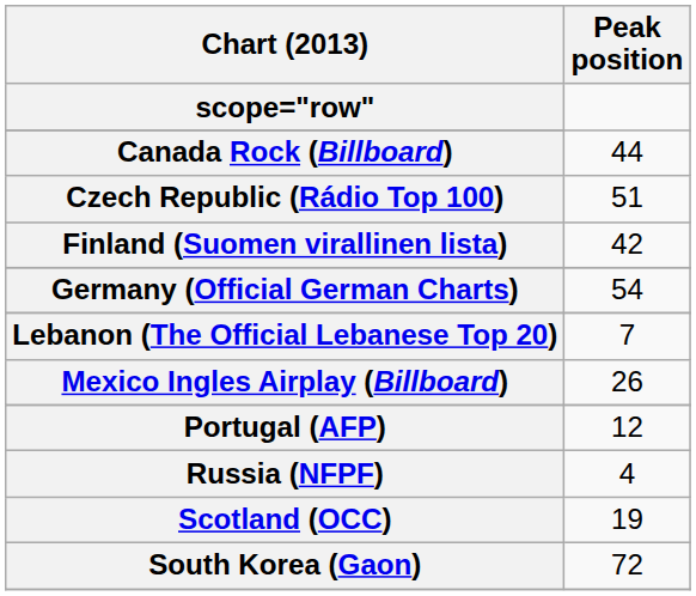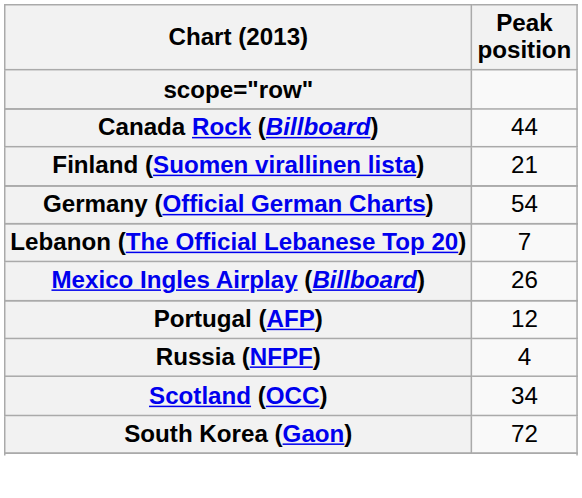 <table class="wikitable sortable plainrowheaders" style="text-align:center">
 <tr>
 <th scope="col">Chart (2013)</th>
 <th scope="col">Peak<br>position</th>
 </tr>
 <tr>
 <th>scope="row" </th>
 </tr>
 <tr>
 </tr>
 <tr>
 </tr>
 <tr>
 </tr>
 <tr>
 <th scope="row">Canada <a href='#'>Rock</a> (<em><a href='#'>Billboard</a></em>)</th>
 <td>44</td>
 </tr>
 <tr>
-<th scope="row">Czech Republic (<a href='#'>Rádio Top 100</a>)</th>
-<td>51</td>
-</tr>
-<tr>
 <th scope="row">Finland (<a href='#'>Suomen virallinen lista</a>)</th>
-<td>42</td>
+<td>21</td>
 </tr>
 <tr>
 </tr>
 <tr>
 <th scope="row">Germany (<a href='#'>Official German Charts</a>)</th>
 <td>54</td>
 </tr>
 <tr>
 </tr>
 <tr>
 <th scope="row">Lebanon (<a href='#'>The Official Lebanese Top 20</a>)</th>
 <td>7</td>
 </tr>
 <tr>
 <th scope="row"><a href='#'>Mexico Ingles Airplay</a> (<em><a href='#'>Billboard</a></em>)</th>
 <td>26</td>
 </tr>
 <tr>
 </tr>
 <tr>
 <th scope="row">Portugal (<a href='#'>AFP</a>)</th>
 <td>12</td>
 </tr>
 <tr>
 <th scope="row">Russia (<a href='#'>NFPF</a>)</th>
 <td>4</td>
 </tr>
 <tr>
 <th scope="row"><a href='#'>Scotland</a> (<a href='#'>OCC</a>)</th>
-<td>19</td>
+<td>34</td>
 </tr>
 <tr>
 <th scope="row">South Korea (<a href='#'>Gaon</a>)</th>
 <td>72</td>
 </tr>
 <tr>
 </tr>
 <tr>
 </tr>
 <tr>
 </tr>
 <tr>
 </tr>
 <tr>
 </tr>
 <tr>
 </tr>
 <tr>
 </tr>
 </table>
